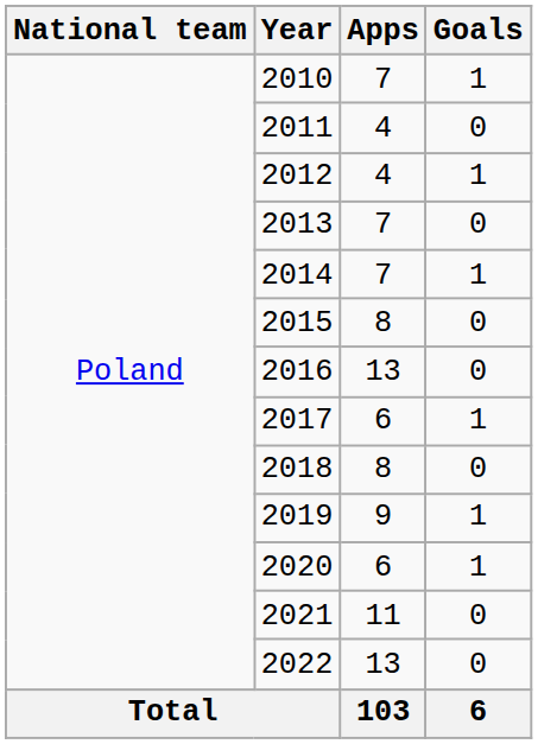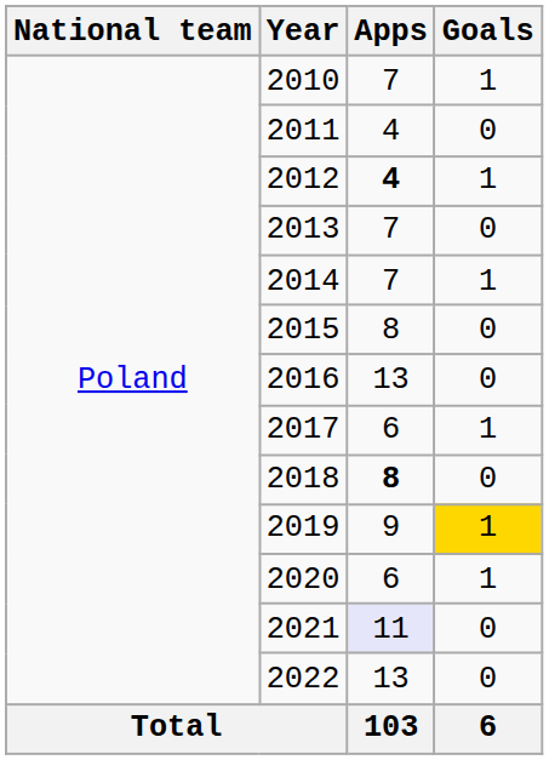 <table class="wikitable" style="text-align:center">
 <tr>
 <th>National team</th>
 <th>Year</th>
 <th>Apps</th>
 <th>Goals</th>
 </tr>
 <tr>
 <td rowspan="13"><a href='#'>Poland</a></td>
 <td>2010</td>
 <td>7</td>
 <td>1</td>
 </tr>
 <tr>
 <td>2011</td>
 <td>4</td>
 <td>0</td>
 </tr>
 <tr>
 <td>2012</td>
-<td>4</td>
+<td><strong>4</strong></td>
 <td>1</td>
 </tr>
 <tr>
 <td>2013</td>
 <td>7</td>
 <td>0</td>
 </tr>
 <tr>
 <td>2014</td>
 <td>7</td>
 <td>1</td>
 </tr>
 <tr>
 <td>2015</td>
 <td>8</td>
 <td>0</td>
 </tr>
 <tr>
 <td>2016</td>
 <td>13</td>
 <td>0</td>
 </tr>
 <tr>
 <td>2017</td>
 <td>6</td>
 <td>1</td>
 </tr>
 <tr>
 <td>2018</td>
-<td>8</td>
+<td><strong>8</strong></td>
 <td>0</td>
 </tr>
 <tr>
 <td>2019</td>
 <td>9</td>
-<td>1</td>
+<td style="background: gold;">1</td>
 </tr>
 <tr>
 <td>2020</td>
 <td>6</td>
 <td>1</td>
 </tr>
 <tr>
 <td>2021</td>
-<td>11</td>
+<td style="background: lavender;">11</td>
 <td>0</td>
 </tr>
 <tr>
 <td>2022</td>
 <td>13</td>
 <td>0</td>
 </tr>
 <tr>
 <th colspan="2">Total</th>
 <th>103</th>
 <th>6</th>
 </tr>
 </table>
